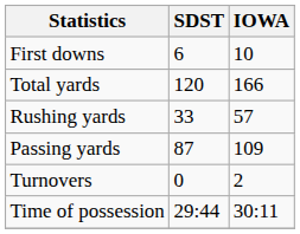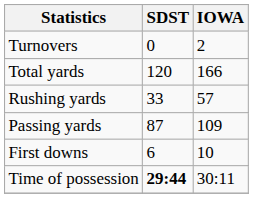 <table class="wikitable">
 <tr>
 <th>Statistics</th>
 <th>SDST</th>
 <th>IOWA</th>
 </tr>
 <tr>
-<td>First downs</td>
-<td>6</td>
-<td>10</td>
+<td>Turnovers</td>
+<td>0</td>
+<td>2</td>
 </tr>
 <tr>
 <td>Total yards</td>
 <td>120</td>
 <td>166</td>
 </tr>
 <tr>
 <td>Rushing yards</td>
 <td>33</td>
 <td>57</td>
 </tr>
 <tr>
 <td>Passing yards</td>
 <td>87</td>
 <td>109</td>
 </tr>
 <tr>
-<td>Turnovers</td>
-<td>0</td>
-<td>2</td>
+<td>First downs</td>
+<td>6</td>
+<td>10</td>
 </tr>
 <tr>
 <td>Time of possession</td>
-<td>29:44</td>
+<td><strong>29:44</strong></td>
 <td>30:11</td>
 </tr>
 <tr>
 </tr>
 </table>
